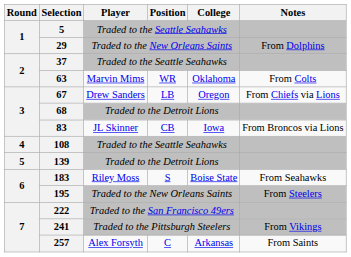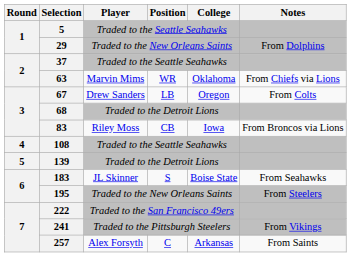 <table class="wikitable" style="text-align:center">
 <tr>
 <th>Round</th>
 <th>Selection</th>
 <th>Player</th>
 <th>Position</th>
 <th>College</th>
 <th>Notes</th>
 </tr>
 <tr>
 <th rowspan="2">1</th>
 <th>5</th>
 <td colspan="3" style="background:#BFBFBF"><em>Traded to the <a href='#'>Seattle Seahawks</a></em></td>
 <td style="background:#BFBFBF"></td>
 </tr>
 <tr>
 <th>29</th>
 <td colspan="3" style="background:#BFBFBF"><em>Traded to the <a href='#'>New Orleans Saints</a></em></td>
 <td style="background:#BFBFBF">From <a href='#'>Dolphins</a></td>
 </tr>
 <tr>
 <th rowspan="2">2</th>
 <th>37</th>
 <td colspan="3" style="background:#BFBFBF"><em>Traded to the Seattle Seahawks</em></td>
 <td style="background:#BFBFBF"></td>
 </tr>
 <tr>
 <th>63</th>
 <td><a href='#'>Marvin Mims</a></td>
 <td><a href='#'>WR</a></td>
 <td><a href='#'>Oklahoma</a></td>
-<td>From <a href='#'>Colts</a></td>
+<td>From <a href='#'>Chiefs</a> via <a href='#'>Lions</a></td>
 </tr>
 <tr>
 <th rowspan="3">3</th>
 <th>67</th>
 <td><a href='#'>Drew Sanders</a></td>
 <td><a href='#'>LB</a></td>
 <td><a href='#'>Oregon</a></td>
-<td>From <a href='#'>Chiefs</a> via <a href='#'>Lions</a></td>
+<td>From <a href='#'>Colts</a></td>
 </tr>
 <tr>
 <th>68</th>
 <td colspan="3" style="background:#BFBFBF"><em>Traded to the Detroit Lions</em></td>
 <td style="background:#BFBFBF"></td>
 </tr>
 <tr>
 <th>83</th>
-<td><a href='#'>JL Skinner</a></td>
+<td><a href='#'>Riley Moss</a></td>
 <td><a href='#'>CB</a></td>
 <td><a href='#'>Iowa</a></td>
 <td>From Broncos via Lions</td>
 </tr>
 <tr>
 <th>4</th>
 <th>108</th>
 <td colspan="3" style="background:#BFBFBF"><em>Traded to the Seattle Seahawks</em></td>
 <td style="background:#BFBFBF"></td>
 </tr>
 <tr>
 <th>5</th>
 <th>139</th>
 <td colspan="3" style="background:#BFBFBF"><em>Traded to the Detroit Lions</em></td>
 <td style="background:#BFBFBF"></td>
 </tr>
 <tr>
 <th rowspan="2">6</th>
 <th>183</th>
-<td><a href='#'>Riley Moss</a></td>
+<td><a href='#'>JL Skinner</a></td>
 <td><a href='#'>S</a></td>
 <td><a href='#'>Boise State</a></td>
 <td>From Seahawks</td>
 </tr>
 <tr>
 <th>195</th>
 <td colspan="3" style="background:#BFBFBF"><em>Traded to the New Orleans Saints</em></td>
 <td style="background:#BFBFBF">From <a href='#'>Steelers</a></td>
 </tr>
 <tr>
 <th rowspan="3">7</th>
 <th>222</th>
 <td colspan="3" style="background:#BFBFBF"><em>Traded to the <a href='#'>San Francisco 49ers</a></em></td>
 <td style="background:#BFBFBF"></td>
 </tr>
 <tr>
 <th>241</th>
 <td colspan="3" style="background:#BFBFBF"><em>Traded to the Pittsburgh Steelers</em></td>
 <td style="background:#BFBFBF">From <a href='#'>Vikings</a></td>
 </tr>
 <tr>
 <th>257</th>
 <td><a href='#'>Alex Forsyth</a></td>
 <td><a href='#'>C</a></td>
 <td><a href='#'>Arkansas</a></td>
 <td>From Saints</td>
 </tr>
 </table>
